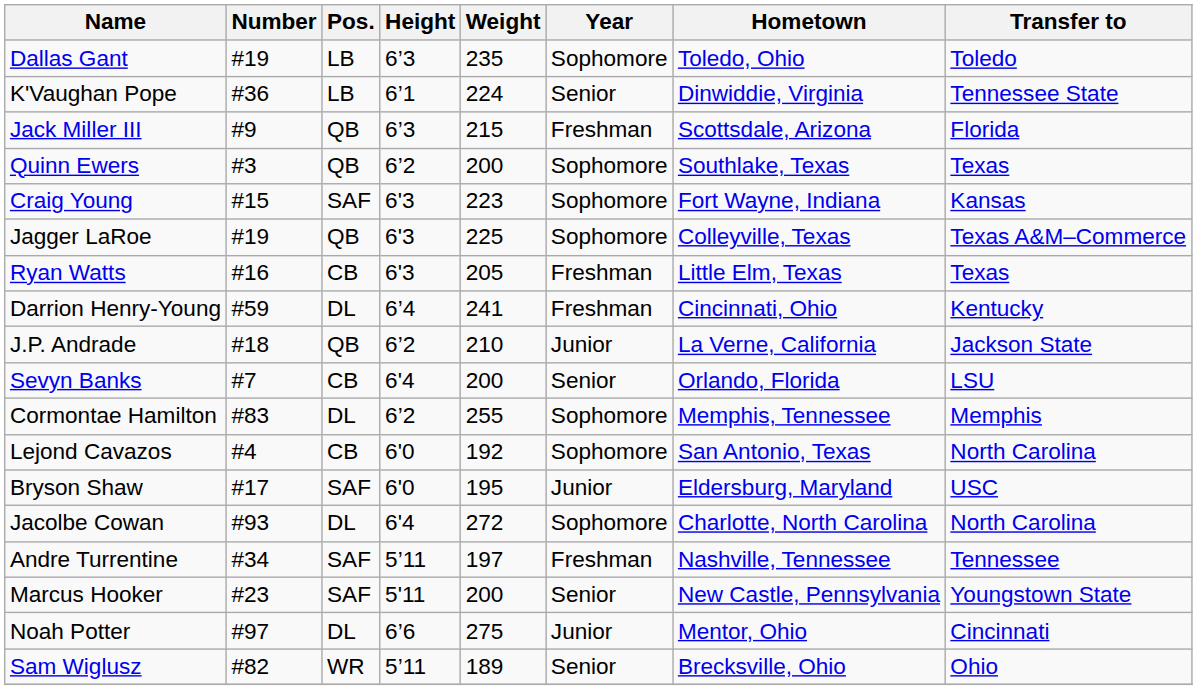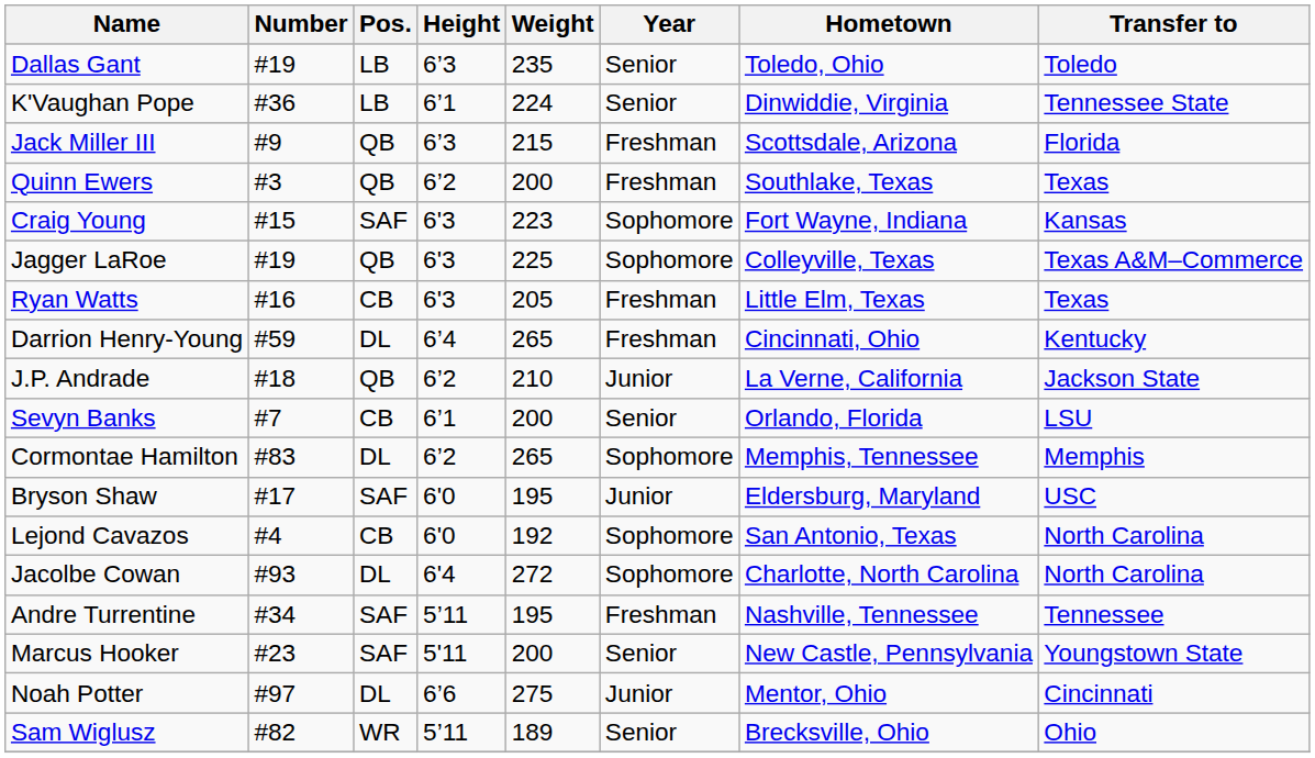 <table class="wikitable sortable">
 <tr>
 <th style="text-align:center; ">Name</th>
 <th style="text-align:center; ">Number</th>
 <th style="text-align:center; ">Pos.</th>
 <th style="text-align:center; ">Height</th>
 <th style="text-align:center; ">Weight</th>
 <th style="text-align:center; ">Year</th>
 <th style="text-align:center; ">Hometown</th>
 <th style="text-align:center; ">Transfer to</th>
 </tr>
 <tr>
 <td><a href='#'>Dallas Gant</a></td>
 <td>#19</td>
 <td>LB</td>
 <td>6’3</td>
 <td>235</td>
-<td>Sophomore</td>
+<td>Senior</td>
 <td><a href='#'>Toledo, Ohio</a></td>
 <td><a href='#'>Toledo</a></td>
 </tr>
 <tr>
 <td>K'Vaughan Pope</td>
 <td>#36</td>
 <td>LB</td>
 <td>6’1</td>
 <td>224</td>
 <td>Senior</td>
 <td><a href='#'>Dinwiddie, Virginia</a></td>
 <td><a href='#'>Tennessee State</a></td>
 </tr>
 <tr>
 <td><a href='#'>Jack Miller III</a></td>
 <td>#9</td>
 <td>QB</td>
 <td>6’3</td>
 <td>215</td>
 <td>Freshman</td>
 <td><a href='#'>Scottsdale, Arizona</a></td>
 <td><a href='#'>Florida</a></td>
 </tr>
 <tr>
 <td><a href='#'>Quinn Ewers</a></td>
 <td>#3</td>
 <td>QB</td>
 <td>6’2</td>
 <td>200</td>
-<td>Sophomore</td>
+<td>Freshman</td>
 <td><a href='#'>Southlake, Texas</a></td>
 <td><a href='#'>Texas</a></td>
 </tr>
 <tr>
 <td><a href='#'>Craig Young</a></td>
 <td>#15</td>
 <td>SAF</td>
 <td>6'3</td>
 <td>223</td>
 <td>Sophomore</td>
 <td><a href='#'>Fort Wayne, Indiana</a></td>
 <td><a href='#'>Kansas</a></td>
 </tr>
 <tr>
 <td>Jagger LaRoe</td>
 <td>#19</td>
 <td>QB</td>
 <td>6'3</td>
 <td>225</td>
 <td>Sophomore</td>
 <td><a href='#'>Colleyville, Texas</a></td>
 <td><a href='#'>Texas A&M–Commerce</a></td>
 </tr>
 <tr>
 <td><a href='#'>Ryan Watts</a></td>
 <td>#16</td>
 <td>CB</td>
 <td>6'3</td>
 <td>205</td>
 <td>Freshman</td>
 <td><a href='#'>Little Elm, Texas</a></td>
 <td><a href='#'>Texas</a></td>
 </tr>
 <tr>
 <td>Darrion Henry-Young</td>
 <td>#59</td>
 <td>DL</td>
 <td>6’4</td>
-<td>241</td>
+<td>265</td>
 <td>Freshman</td>
 <td><a href='#'>Cincinnati, Ohio</a></td>
 <td><a href='#'>Kentucky</a></td>
 </tr>
 <tr>
 <td>J.P. Andrade</td>
 <td>#18</td>
 <td>QB</td>
 <td>6’2</td>
 <td>210</td>
 <td>Junior</td>
 <td><a href='#'>La Verne, California</a></td>
 <td><a href='#'>Jackson State</a></td>
 </tr>
 <tr>
 <td><a href='#'>Sevyn Banks</a></td>
 <td>#7</td>
 <td>CB</td>
-<td>6'4</td>
+<td>6’1</td>
 <td>200</td>
 <td>Senior</td>
 <td><a href='#'>Orlando, Florida</a></td>
 <td><a href='#'>LSU</a></td>
 </tr>
 <tr>
 <td>Cormontae Hamilton</td>
 <td>#83</td>
 <td>DL</td>
 <td>6’2</td>
-<td>255</td>
+<td>265</td>
 <td>Sophomore</td>
 <td><a href='#'>Memphis, Tennessee</a></td>
 <td><a href='#'>Memphis</a></td>
+</tr>
+<tr>
+<td>Bryson Shaw</td>
+<td>#17</td>
+<td>SAF</td>
+<td>6'0</td>
+<td>195</td>
+<td>Junior</td>
+<td><a href='#'>Eldersburg, Maryland</a></td>
+<td><a href='#'>USC</a></td>
 </tr>
 <tr>
 <td>Lejond Cavazos</td>
 <td>#4</td>
 <td>CB</td>
 <td>6'0</td>
 <td>192</td>
 <td>Sophomore</td>
 <td><a href='#'>San Antonio, Texas</a></td>
 <td><a href='#'>North Carolina</a></td>
-</tr>
-<tr>
-<td>Bryson Shaw</td>
-<td>#17</td>
-<td>SAF</td>
-<td>6'0</td>
-<td>195</td>
-<td>Junior</td>
-<td><a href='#'>Eldersburg, Maryland</a></td>
-<td><a href='#'>USC</a></td>
 </tr>
 <tr>
 <td>Jacolbe Cowan</td>
 <td>#93</td>
 <td>DL</td>
 <td>6'4</td>
 <td>272</td>
 <td>Sophomore</td>
 <td><a href='#'>Charlotte, North Carolina</a></td>
 <td><a href='#'>North Carolina</a></td>
 </tr>
 <tr>
 <td>Andre Turrentine</td>
 <td>#34</td>
 <td>SAF</td>
 <td>5’11</td>
-<td>197</td>
+<td>195</td>
 <td>Freshman</td>
 <td><a href='#'>Nashville, Tennessee</a></td>
 <td><a href='#'>Tennessee</a></td>
 </tr>
 <tr>
 <td>Marcus Hooker</td>
 <td>#23</td>
 <td>SAF</td>
 <td>5'11</td>
 <td>200</td>
 <td>Senior</td>
 <td><a href='#'>New Castle, Pennsylvania</a></td>
 <td><a href='#'>Youngstown State</a></td>
 </tr>
 <tr>
 <td>Noah Potter</td>
 <td>#97</td>
 <td>DL</td>
 <td>6’6</td>
 <td>275</td>
 <td>Junior</td>
 <td><a href='#'>Mentor, Ohio</a></td>
 <td><a href='#'>Cincinnati</a></td>
 </tr>
 <tr>
 <td><a href='#'>Sam Wiglusz</a></td>
 <td>#82</td>
 <td>WR</td>
 <td>5’11</td>
 <td>189</td>
 <td>Senior</td>
 <td><a href='#'>Brecksville, Ohio</a></td>
 <td><a href='#'>Ohio</a></td>
 </tr>
 <tr>
 </tr>
 </table>
